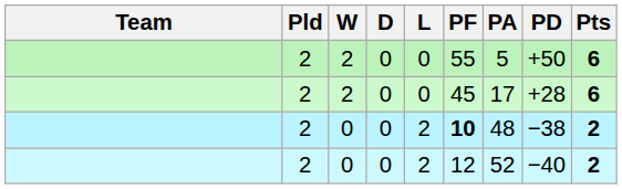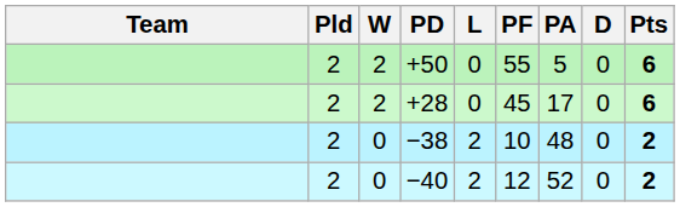 <table class="wikitable" style="text-align:center;">
 <tr>
 <th width=190>Team</th>
 <th width=20 abbr="Played">Pld</th>
 <th width=20 abbr="Won">W</th>
-<th width=20 abbr="Drawn">D</th>
+<th width=25 abbr="Points difference">PD</th>
 <th width=20 abbr="Lost">L</th>
 <th width=20 abbr="Points for">PF</th>
 <th width=20 abbr="Points against">PA</th>
-<th width=25 abbr="Points difference">PD</th>
+<th width=20 abbr="Drawn">D</th>
 <th width=20 abbr="Points">Pts</th>
 </tr>
 <tr bgcolor=BBF3BB>
 <td align=left></td>
 <td>2</td>
 <td>2</td>
-<td>0</td>
+<td>+50</td>
 <td>0</td>
 <td>55</td>
 <td>5</td>
-<td>+50</td>
+<td>0</td>
 <td><strong>6</strong></td>
 </tr>
 <tr bgcolor=CCF9CC>
 <td align=left></td>
 <td>2</td>
 <td>2</td>
-<td>0</td>
+<td>+28</td>
 <td>0</td>
 <td>45</td>
 <td>17</td>
-<td>+28</td>
+<td>0</td>
 <td><strong>6</strong></td>
 </tr>
 <tr bgcolor=BBF3FF>
 <td align=left></td>
 <td>2</td>
 <td>0</td>
+<td>−38</td>
+<td>2</td>
+<td>10</td>
+<td>48</td>
 <td>0</td>
-<td>2</td>
-<td><strong>10</strong></td>
-<td>48</td>
-<td>−38</td>
 <td><strong>2</strong></td>
 </tr>
 <tr bgcolor=CCF9FF>
 <td align=left></td>
 <td>2</td>
 <td>0</td>
-<td>0</td>
+<td>−40</td>
 <td>2</td>
 <td>12</td>
 <td>52</td>
-<td>−40</td>
+<td>0</td>
 <td><strong>2</strong></td>
 </tr>
 </table>
